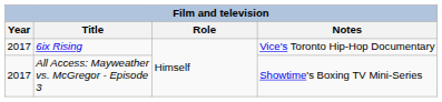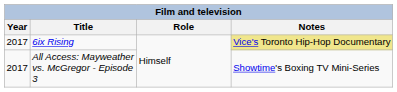 <table class="wikitable">
 <tr>
 <th colspan="4" style="background: LightSteelBlue;">Film and television</th>
 </tr>
 <tr>
 <th>Year</th>
 <th style="width:170px;">Title</th>
 <th style="width:150px;">Role</th>
 <th>Notes</th>
 </tr>
 <tr>
 <td>2017</td>
 <td><em><a href='#'>6ix Rising</a></em></td>
 <td rowspan="2">Himself</td>
-<td><a href='#'>Vice's</a> Toronto Hip-Hop Documentary</td>
+<td style="background: khaki;"><a href='#'>Vice's</a> Toronto Hip-Hop Documentary</td>
 </tr>
 <tr>
 <td>2017</td>
 <td><em>All Access: Mayweather vs. McGregor - Episode 3</em></td>
 <td><a href='#'>Showtime</a>'s Boxing TV Mini-Series</td>
 </tr>
 </table>
